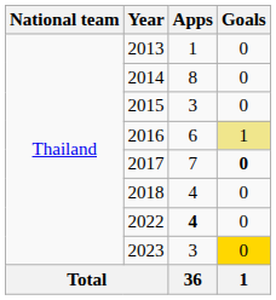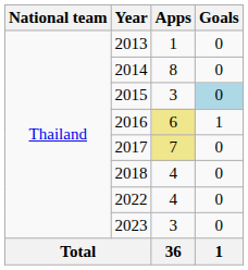 <table class="wikitable" style="text-align:center">
 <tr>
 <th>National team</th>
 <th>Year</th>
 <th>Apps</th>
 <th>Goals</th>
 </tr>
 <tr>
 <td rowspan="8" valign="center"><a href='#'>Thailand</a></td>
 <td>2013</td>
 <td>1</td>
 <td>0</td>
 </tr>
 <tr>
 <td>2014</td>
 <td>8</td>
 <td>0</td>
 </tr>
 <tr>
 <td>2015</td>
 <td>3</td>
-<td>0</td>
+<td style="background: lightblue;">0</td>
 </tr>
 <tr>
 <td>2016</td>
-<td>6</td>
-<td style="background: khaki;">1</td>
+<td style="background: khaki;">6</td>
+<td>1</td>
 </tr>
 <tr>
 <td>2017</td>
-<td>7</td>
-<td><strong>0</strong></td>
+<td style="background: khaki;">7</td>
+<td>0</td>
 </tr>
 <tr>
 <td>2018</td>
 <td>4</td>
 <td>0</td>
 </tr>
 <tr>
 <td>2022</td>
-<td><strong>4</strong></td>
+<td>4</td>
 <td>0</td>
 </tr>
 <tr>
 <td>2023</td>
 <td>3</td>
-<td style="background: gold;">0</td>
+<td>0</td>
 </tr>
 <tr>
 <th colspan="2">Total</th>
 <th>36</th>
 <th>1</th>
 </tr>
 </table>
